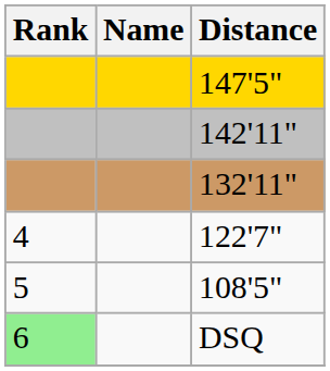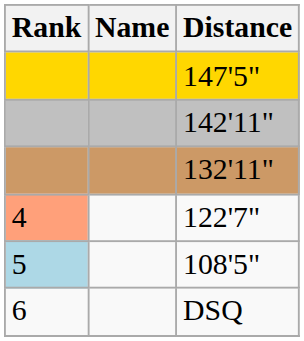 <table class="wikitable">
 <tr>
 <th>Rank</th>
 <th>Name</th>
 <th>Distance</th>
 </tr>
 <tr style="background:gold;">
 <td></td>
 <td></td>
 <td>147'5"</td>
 </tr>
 <tr style="background:silver;">
 <td></td>
 <td></td>
 <td>142'11"</td>
 </tr>
 <tr style="background:#CC9966;">
 <td></td>
 <td></td>
 <td>132'11"</td>
 </tr>
 <tr>
-<td>4</td>
+<td style="background: lightsalmon;">4</td>
 <td></td>
 <td>122'7"</td>
 </tr>
 <tr>
-<td>5</td>
+<td style="background: lightblue;">5</td>
 <td></td>
 <td>108'5"</td>
 </tr>
 <tr>
-<td style="background: lightgreen;">6</td>
+<td>6</td>
 <td></td>
 <td>DSQ</td>
 </tr>
 <tr>
 </tr>
 </table>
